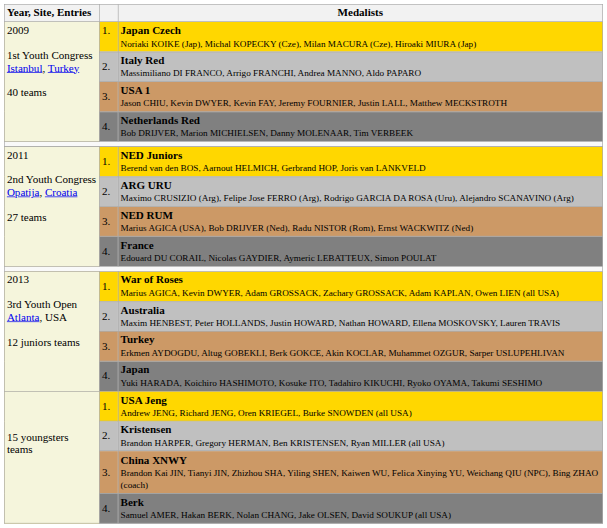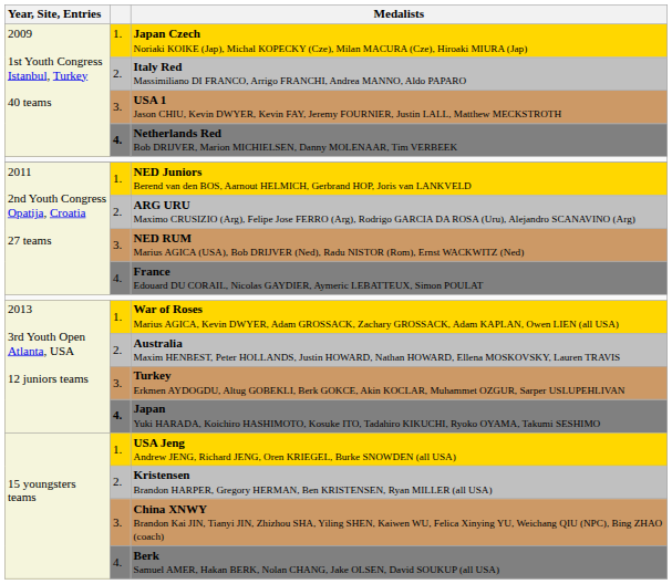 <table class=wikitable>
 <tr>
 <th>Year, Site, Entries  </th>
 <th></th>
 <th>Medalists</th>
 </tr>
 <tr bgcolor="gold">
 <td rowspan=4 bgcolor="beige" valign="Top">2009 <br><br>1st Youth Congress <br><a href='#'>Istanbul</a>, <a href='#'>Turkey</a> <br> <br>40 teams</td>
 <td>1.  </td>
 <td>  <strong>Japan Czech</strong> <br><small>Noriaki KOIKE (Jap), Michal KOPECKY (Cze), Milan MACURA (Cze), Hiroaki MIURA (Jap)</small></td>
 </tr>
 <tr bgcolor="silver">
 <td>2.</td>
 <td> <strong>Italy Red</strong> <br><small>Massimiliano DI FRANCO, Arrigo FRANCHI, Andrea MANNO, Aldo PAPARO</small></td>
 </tr>
 <tr bgcolor="cc9966">
 <td>3.</td>
 <td> <strong>USA 1</strong> <br><small>Jason CHIU, Kevin DWYER, Kevin FAY, Jeremy FOURNIER, Justin LALL, Matthew MECKSTROTH</small></td>
 </tr>
 <tr bgcolor="gray">
-<td>4.</td>
+<td><strong>4.</strong></td>
 <td> <strong>Netherlands Red</strong> <br><small>Bob DRIJVER, Marion MICHIELSEN, Danny MOLENAAR, Tim VERBEEK</small></td>
 </tr>
 <tr>
 <td colspan=3></td>
 </tr>
 <tr>
 </tr>
 <tr bgcolor="gold">
 <td rowspan=4 bgcolor="beige" valign="Top">2011 <br><br>2nd Youth Congress <br><a href='#'>Opatija</a>, <a href='#'>Croatia</a> <br> <br>27 teams</td>
 <td>1.</td>
 <td> <strong>NED Juniors</strong> <br><small>Berend van den BOS, Aarnout HELMICH, Gerbrand HOP, Joris van LANKVELD</small></td>
 </tr>
 <tr bgcolor="silver">
 <td>2.</td>
 <td>  <strong>ARG URU</strong> <br><small>Maximo CRUSIZIO (Arg), Felipe Jose FERRO (Arg), Rodrigo GARCIA DA ROSA (Uru), Alejandro SCANAVINO (Arg)  </small></td>
 </tr>
 <tr bgcolor="cc9966">
 <td>3.</td>
 <td>   <strong>NED RUM</strong> <br><small>Marius AGICA (USA), Bob DRIJVER (Ned), Radu NISTOR (Rom), Ernst WACKWITZ (Ned)</small></td>
 </tr>
 <tr bgcolor="gray">
 <td>4.</td>
 <td> <strong>France</strong> <br><small>Edouard DU CORAIL, Nicolas GAYDIER, Aymeric LEBATTEUX, Simon POULAT</small></td>
 </tr>
 <tr>
 <td colspan=3></td>
 </tr>
 <tr bgcolor="gold">
 <td rowspan=4 bgcolor="beige" valign="Top">2013 <br><br>3rd Youth Open <br><a href='#'>Atlanta</a>, USA <br> <br>12 juniors teams </td>
 <td>1.</td>
 <td>  <strong>War of Roses</strong> <br><small>Marius AGICA, Kevin DWYER, Adam GROSSACK, Zachary GROSSACK, Adam KAPLAN, Owen LIEN (all USA)</small></td>
 </tr>
 <tr bgcolor="silver">
 <td>2.</td>
 <td> <strong>Australia</strong> <br><small>Maxim HENBEST, Peter HOLLANDS, Justin HOWARD, Nathan HOWARD, Ellena MOSKOVSKY, Lauren TRAVIS</small></td>
 </tr>
 <tr bgcolor="cc9966">
 <td>3.</td>
 <td>  <strong>Turkey</strong> <br><small>Erkmen AYDOGDU, Altug GOBEKLI, Berk GOKCE, Akin KOCLAR, Muhammet OZGUR, Sarper USLUPEHLIVAN</small></td>
 </tr>
 <tr bgcolor="gray">
-<td>4.</td>
+<td><strong>4.</strong></td>
 <td>  <strong>Japan</strong> <br><small>Yuki HARADA, Koichiro HASHIMOTO, Kosuke ITO, Tadahiro KIKUCHI, Ryoko OYAMA, Takumi SESHIMO</small></td>
 </tr>
 <tr bgcolor="gold">
 <td rowspan=4 bgcolor="beige" valign="Top"><br><br> <br>15 youngsters teams  </td>
 <td>1.</td>
 <td>  <strong>USA Jeng</strong> <br><small>Andrew JENG, Richard JENG, Oren KRIEGEL, Burke SNOWDEN (all USA)</small></td>
 </tr>
 <tr bgcolor="silver">
 <td>2.</td>
 <td> <strong>Kristensen</strong> <br><small></small><small>Brandon HARPER, Gregory HERMAN, Ben KRISTENSEN, Ryan MILLER (all USA)</small> <small></small></td>
 </tr>
 <tr bgcolor="cc9966">
 <td>3.</td>
 <td> <strong>China XNWY</strong> <br><small></small><small>Brandon Kai JIN, Tianyi JIN, Zhizhou SHA, Yiling SHEN, Kaiwen WU, Felica Xinying YU, Weichang QIU (NPC), Bing ZHAO (coach)</small></td>
 </tr>
 <tr bgcolor="gray">
 <td>4.</td>
 <td> <strong>Berk</strong> <br><small></small><small>Samuel AMER, Hakan BERK, Nolan CHANG, Jake OLSEN, David SOUKUP (all USA)</small><small></small></td>
 </tr>
 </table>
